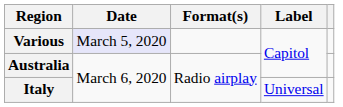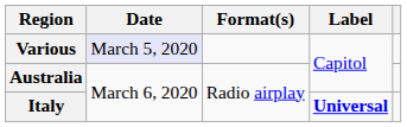 <table class="wikitable plainrowheaders">
 <tr>
 <th scope="col">Region</th>
 <th scope="col">Date</th>
 <th scope="col">Format(s)</th>
 <th scope="col">Label</th>
 <th scope="col"></th>
 </tr>
 <tr>
 <th scope="row">Various</th>
 <td style="background: lavender;">March 5, 2020</td>
 <td></td>
 <td rowspan="2"><a href='#'>Capitol</a></td>
 <td align="center"></td>
 </tr>
 <tr>
 <th scope="row">Australia</th>
 <td rowspan="2">March 6, 2020</td>
 <td rowspan="2">Radio <a href='#'>airplay</a></td>
 <td align="center"></td>
 </tr>
 <tr>
 <th scope="row">Italy</th>
-<td><a href='#'>Universal</a></td>
+<td><strong><a href='#'>Universal</a></strong></td>
 <td align="center"></td>
 </tr>
 </table>
